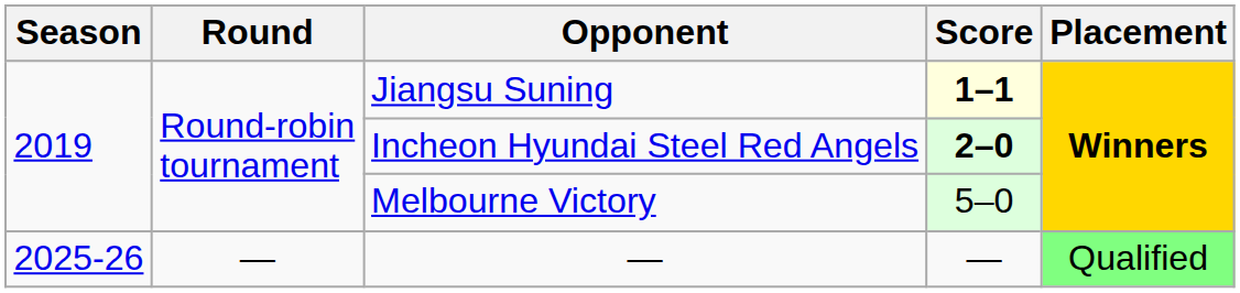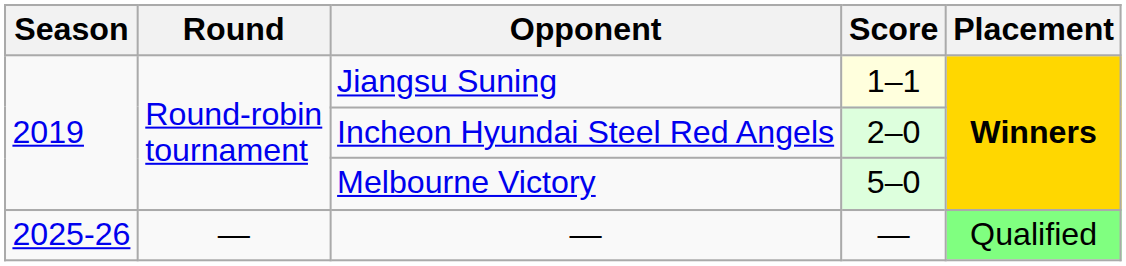 <table class="wikitable">
 <tr>
 <th>Season</th>
 <th>Round</th>
 <th>Opponent</th>
 <th>Score</th>
 <th>Placement</th>
 </tr>
 <tr>
 <td rowspan="3"><a href='#'>2019</a></td>
 <td rowspan="3"><a href='#'>Round-robin<br>tournament</a></td>
 <td> <a href='#'>Jiangsu Suning</a></td>
-<td bgcolor="#ffffdd" style="text-align:center;"><strong>1–1</strong></td>
+<td bgcolor="#ffffdd" style="text-align:center;">1–1</td>
 <td rowspan="3" style="text-align:center;" bgcolor="gold"><strong>Winners</strong></td>
 </tr>
 <tr>
 <td> <a href='#'>Incheon Hyundai Steel Red Angels</a></td>
-<td bgcolor="#ddffdd" style="text-align:center;"><strong>2–0</strong></td>
+<td bgcolor="#ddffdd" style="text-align:center;">2–0</td>
 </tr>
 <tr>
 <td> <a href='#'>Melbourne Victory</a></td>
 <td bgcolor="#ddffdd" style="text-align:center;">5–0</td>
 </tr>
 <tr>
 <td><a href='#'>2025-26</a></td>
 <td style="text-align:center;">—</td>
 <td style="text-align:center;">—</td>
 <td style="text-align:center;">—</td>
 <td style="text-align:center;" bgcolor="#80FF80">Qualified</td>
 </tr>
 </table>
